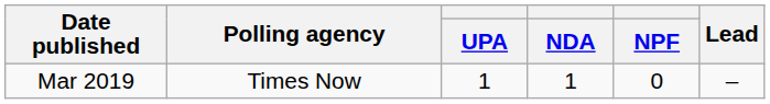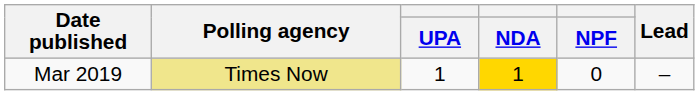 <table class="wikitable sortable" style="text-align:center;font-size:95%;line-height:16px">
 <tr>
 <th rowspan="2" width="100px">Date published</th>
 <th rowspan="2" width="175px">Polling agency</th>
 <th style="background:"></th>
 <th style="background:"></th>
 <th style="background:"></th>
 <th rowspan="2">Lead</th>
 </tr>
 <tr>
 <th width="50px" class="unsortable"><a href='#'>UPA</a></th>
 <th width="50px" class="unsortable"><a href='#'>NDA</a></th>
 <th width="50px" class="unsortable"><a href='#'>NPF</a></th>
 </tr>
 <tr>
 <td>Mar 2019</td>
-<td>Times Now</td>
+<td style="background: khaki;">Times Now</td>
 <td>1</td>
-<td>1</td>
+<td style="background: gold;">1</td>
 <td>0</td>
 <td>–</td>
 </tr>
 </table>
